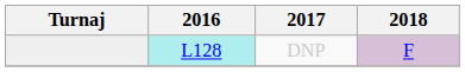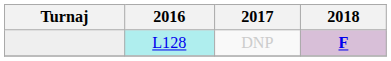 <table class="wikitable" style="width:30%; margin:0">
 <tr>
 <th>Turnaj</th>
 <th>2016</th>
 <th>2017</th>
 <th>2018</th>
 </tr>
 <tr>
 <td style="background:#efefef;"></td>
 <td style="text-align:center; background:#afeeee;"><a href='#'>L128</a></td>
 <td style="text-align:center; color:#ccc;">DNP</td>
-<td style="text-align:center; background:thistle;"><a href='#'>F</a></td>
+<td style="text-align:center; background:thistle;"><strong><a href='#'>F</a></strong></td>
 </tr>
 <tr>
 </tr>
 </table>
